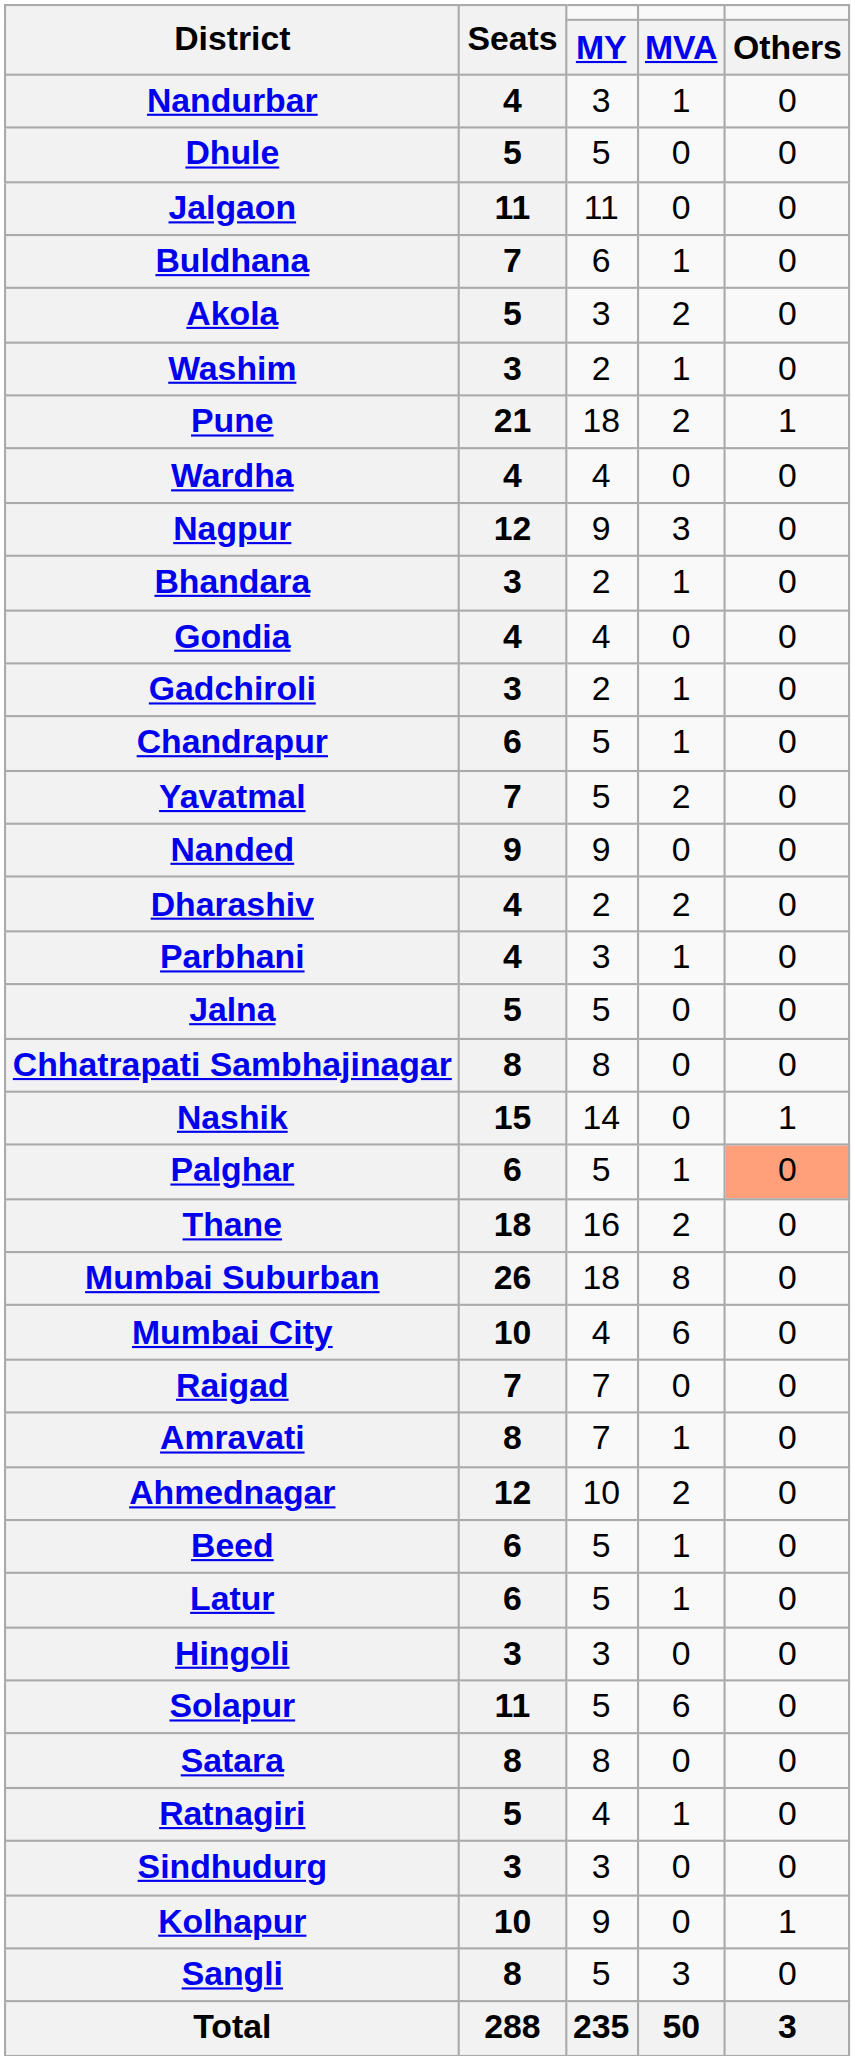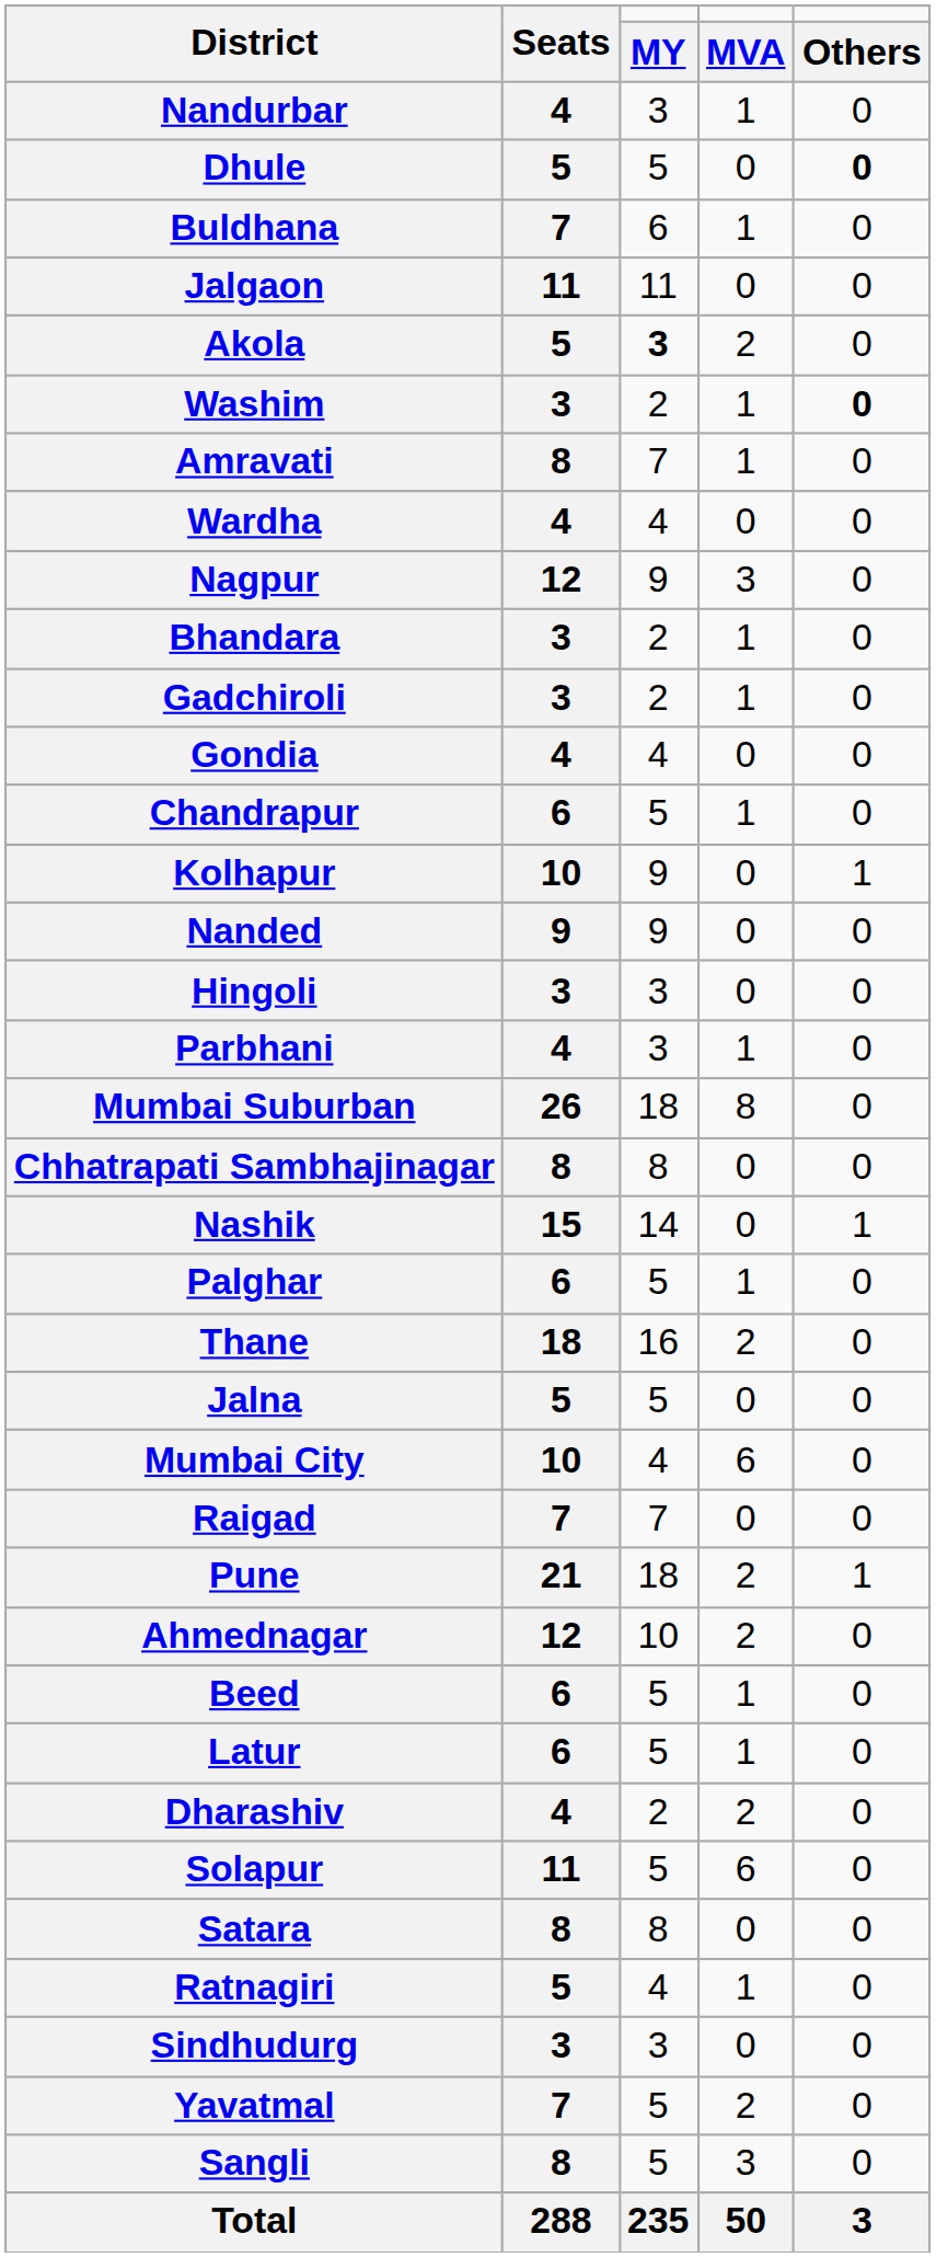 <table class="wikitable" style="text-align:center;">
 <tr>
 <th rowspan="2">District</th>
 <th rowspan="2">Seats</th>
 <td style="color:inherit;background:"></td>
 <td style="color:inherit;background:"></td>
 <td style="color:inherit;background:"></td>
 </tr>
 <tr>
 <th><a href='#'>MY</a></th>
 <th><a href='#'>MVA</a></th>
 <th>Others</th>
 </tr>
 <tr>
 <th><a href='#'>Nandurbar</a></th>
 <th>4</th>
 <td style="color:inherit;background:">3</td>
 <td>1</td>
 <td>0</td>
 </tr>
 <tr>
 <th><a href='#'>Dhule</a></th>
 <th>5</th>
 <td style="color:inherit;background:">5</td>
 <td>0</td>
+<td><strong>0</strong></td>
+</tr>
+<tr>
+<th><a href='#'>Buldhana</a></th>
+<th>7</th>
+<td style="color:inherit;background:">6</td>
+<td>1</td>
 <td>0</td>
 </tr>
 <tr>
 <th><a href='#'>Jalgaon</a></th>
 <th>11</th>
 <td style="color:inherit;background:">11</td>
 <td>0</td>
 <td>0</td>
 </tr>
 <tr>
-<th><a href='#'>Buldhana</a></th>
-<th>7</th>
-<td style="color:inherit;background:">6</td>
-<td>1</td>
-<td>0</td>
-</tr>
-<tr>
 <th><a href='#'>Akola</a></th>
 <th>5</th>
-<td style="color:inherit;background:">3</td>
+<td style="color:inherit;background:"><strong>3</strong></td>
 <td>2</td>
 <td>0</td>
 </tr>
 <tr>
 <th><a href='#'>Washim</a></th>
 <th>3</th>
 <td style="color:inherit;background:">2</td>
 <td>1</td>
-<td>0</td>
+<td><strong>0</strong></td>
 </tr>
 <tr>
-<th><a href='#'>Pune</a></th>
-<th>21</th>
-<td style="color:inherit;background:">18</td>
-<td>2</td>
+<th><a href='#'>Amravati</a></th>
+<th>8</th>
+<td style="color:inherit;background:">7</td>
 <td>1</td>
+<td>0</td>
 </tr>
 <tr>
 <th><a href='#'>Wardha</a></th>
 <th>4</th>
 <td style="color:inherit;background:">4</td>
 <td>0</td>
 <td>0</td>
 </tr>
 <tr>
 <th><a href='#'>Nagpur</a></th>
 <th>12</th>
 <td style="color:inherit;background:">9</td>
 <td>3</td>
 <td>0</td>
 </tr>
 <tr>
 <th><a href='#'>Bhandara</a></th>
 <th>3</th>
 <td style="color:inherit;background:">2</td>
 <td>1</td>
 <td>0</td>
 </tr>
 <tr>
+<th><a href='#'>Gadchiroli</a></th>
+<th>3</th>
+<td style="color:inherit;background:">2</td>
+<td>1</td>
+<td>0</td>
+</tr>
+<tr>
 <th><a href='#'>Gondia</a></th>
 <th>4</th>
 <td style="color:inherit;background:">4</td>
 <td>0</td>
-<td>0</td>
-</tr>
-<tr>
-<th><a href='#'>Gadchiroli</a></th>
-<th>3</th>
-<td style="color:inherit;background:">2</td>
-<td>1</td>
 <td>0</td>
 </tr>
 <tr>
 <th><a href='#'>Chandrapur</a></th>
 <th>6</th>
 <td style="color:inherit;background:">5</td>
 <td>1</td>
 <td>0</td>
 </tr>
 <tr>
-<th><a href='#'>Yavatmal</a></th>
-<th>7</th>
-<td style="color:inherit;background:">5</td>
-<td>2</td>
+<th><a href='#'>Kolhapur</a></th>
+<th>10</th>
+<td style="color:inherit;background:">9</td>
 <td>0</td>
+<td>1</td>
 </tr>
 <tr>
 <th><a href='#'>Nanded</a></th>
 <th>9</th>
 <td style="color:inherit;background:">9</td>
 <td>0</td>
 <td>0</td>
 </tr>
 <tr>
-<th><a href='#'>Dharashiv</a></th>
-<th>4</th>
-<td>2</td>
-<td>2</td>
+<th><a href='#'>Hingoli</a></th>
+<th>3</th>
+<td style="color:inherit;background:">3</td>
+<td>0</td>
 <td>0</td>
 </tr>
 <tr>
 <th><a href='#'>Parbhani</a></th>
 <th>4</th>
 <td style="color:inherit;background:">3</td>
 <td>1</td>
 <td>0</td>
 </tr>
 <tr>
-<th><a href='#'>Jalna</a></th>
-<th>5</th>
-<td style="color:inherit;background:">5</td>
-<td>0</td>
+<th><a href='#'>Mumbai Suburban</a></th>
+<th>26</th>
+<td style="color:inherit;background:">18</td>
+<td>8</td>
 <td>0</td>
 </tr>
 <tr>
 <th><a href='#'>Chhatrapati Sambhajinagar</a></th>
 <th>8</th>
 <td style="color:inherit;background:">8</td>
 <td>0</td>
 <td>0</td>
 </tr>
 <tr>
 <th><a href='#'>Nashik</a></th>
 <th>15</th>
 <td style="color:inherit;background:">14</td>
 <td>0</td>
 <td>1</td>
 </tr>
 <tr>
 <th><a href='#'>Palghar</a></th>
 <th>6</th>
 <td style="color:inherit;background:">5</td>
 <td>1</td>
-<td style="background: lightsalmon;">0</td>
+<td>0</td>
 </tr>
 <tr>
 <th><a href='#'>Thane</a></th>
 <th>18</th>
 <td style="color:inherit;background:">16</td>
 <td>2</td>
 <td>0</td>
 </tr>
 <tr>
-<th><a href='#'>Mumbai Suburban</a></th>
-<th>26</th>
-<td style="color:inherit;background:">18</td>
-<td>8</td>
+<th><a href='#'>Jalna</a></th>
+<th>5</th>
+<td style="color:inherit;background:">5</td>
+<td>0</td>
 <td>0</td>
 </tr>
 <tr>
 <th><a href='#'>Mumbai City</a></th>
 <th>10</th>
 <td>4</td>
 <td style="color:inherit;background:">6</td>
 <td>0</td>
 </tr>
 <tr>
 <th><a href='#'>Raigad</a></th>
 <th>7</th>
 <td style="color:inherit;background:">7</td>
 <td>0</td>
 <td>0</td>
 </tr>
 <tr>
-<th><a href='#'>Amravati</a></th>
-<th>8</th>
-<td style="color:inherit;background:">7</td>
+<th><a href='#'>Pune</a></th>
+<th>21</th>
+<td style="color:inherit;background:">18</td>
+<td>2</td>
 <td>1</td>
-<td>0</td>
 </tr>
 <tr>
 <th><a href='#'>Ahmednagar</a></th>
 <th>12</th>
 <td style="color:inherit;background:">10</td>
 <td>2</td>
 <td>0</td>
 </tr>
 <tr>
 <th><a href='#'>Beed</a></th>
 <th>6</th>
 <td style="color:inherit;background:">5</td>
 <td>1</td>
 <td>0</td>
 </tr>
 <tr>
 <th><a href='#'>Latur</a></th>
 <th>6</th>
 <td style="color:inherit;background:">5</td>
 <td>1</td>
 <td>0</td>
 </tr>
 <tr>
-<th><a href='#'>Hingoli</a></th>
-<th>3</th>
-<td style="color:inherit;background:">3</td>
-<td>0</td>
+<th><a href='#'>Dharashiv</a></th>
+<th>4</th>
+<td>2</td>
+<td>2</td>
 <td>0</td>
 </tr>
 <tr>
 <th><a href='#'>Solapur</a></th>
 <th>11</th>
 <td>5</td>
 <td style="color:inherit;background:">6</td>
 <td>0</td>
 </tr>
 <tr>
 <th><a href='#'>Satara</a></th>
 <th>8</th>
 <td style="color:inherit;background:">8</td>
 <td>0</td>
 <td>0</td>
 </tr>
 <tr>
 <th><a href='#'>Ratnagiri</a></th>
 <th>5</th>
 <td style="color:inherit;background:">4</td>
 <td>1</td>
 <td>0</td>
 </tr>
 <tr>
 <th><a href='#'>Sindhudurg</a></th>
 <th>3</th>
 <td style="color:inherit;background:">3</td>
 <td>0</td>
 <td>0</td>
 </tr>
 <tr>
-<th><a href='#'>Kolhapur</a></th>
-<th>10</th>
-<td style="color:inherit;background:">9</td>
+<th><a href='#'>Yavatmal</a></th>
+<th>7</th>
+<td style="color:inherit;background:">5</td>
+<td>2</td>
 <td>0</td>
-<td>1</td>
 </tr>
 <tr>
 <th><a href='#'>Sangli</a></th>
 <th>8</th>
 <td style="color:inherit;background:">5</td>
 <td>3</td>
 <td>0</td>
 </tr>
 <tr>
 <th>Total</th>
 <th>288</th>
 <th style="color:inherit;background:">235</th>
 <th>50</th>
 <th>3</th>
 </tr>
 </table>
